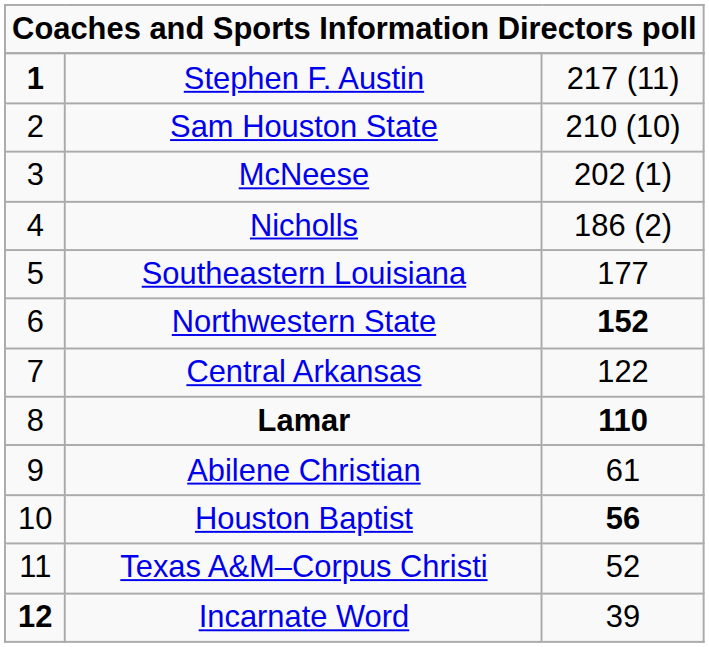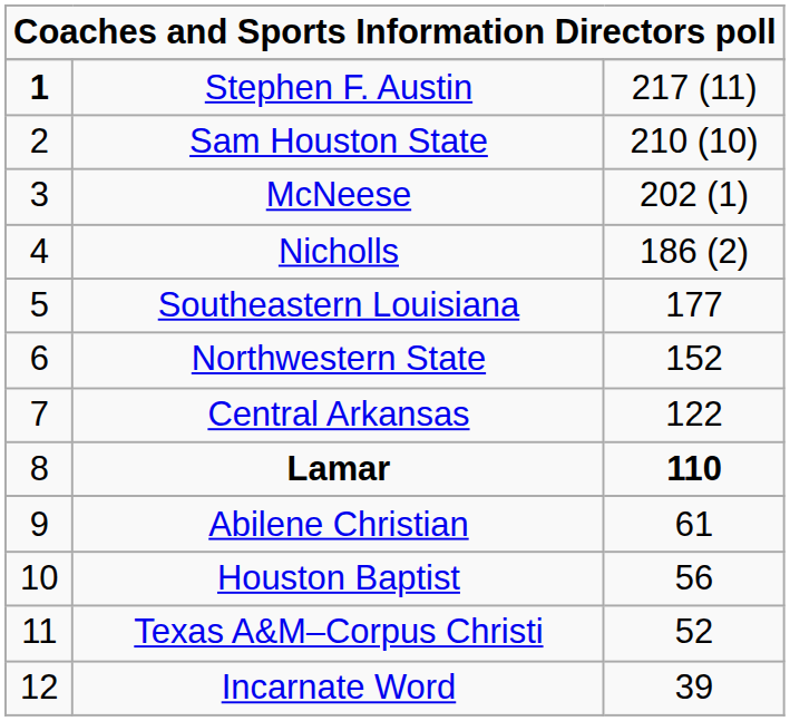 <table class="wikitable">
 <tr align="center">
 <td align="center" Colspan="3"><strong>Coaches and Sports Information Directors poll</strong></td>
 </tr>
 <tr align="center">
 </tr>
 <tr align="center">
 <td><strong>1</strong></td>
 <td><a href='#'>Stephen F. Austin</a></td>
 <td>217 (11)</td>
 </tr>
 <tr align="center">
 <td>2</td>
 <td><a href='#'>Sam Houston State</a></td>
 <td>210 (10)</td>
 </tr>
 <tr align="center">
 <td>3</td>
 <td><a href='#'>McNeese</a></td>
 <td>202 (1)</td>
 </tr>
 <tr align="center">
 <td>4</td>
 <td><a href='#'>Nicholls</a></td>
 <td>186 (2)</td>
 </tr>
 <tr align="center">
 <td>5</td>
 <td><a href='#'>Southeastern Louisiana</a></td>
 <td>177</td>
 </tr>
 <tr align="center">
 <td>6</td>
 <td><a href='#'>Northwestern State</a></td>
-<td><strong>152</strong></td>
+<td>152</td>
 </tr>
 <tr align="center">
 <td>7</td>
 <td><a href='#'>Central Arkansas</a></td>
 <td>122</td>
 </tr>
 <tr align="center">
 <td>8</td>
 <td><strong>Lamar</strong></td>
 <td><strong>110</strong></td>
 </tr>
 <tr align="center">
 <td>9</td>
 <td><a href='#'>Abilene Christian</a></td>
 <td>61</td>
 </tr>
 <tr align="center">
 <td>10</td>
 <td><a href='#'>Houston Baptist</a></td>
-<td><strong>56</strong></td>
+<td>56</td>
 </tr>
 <tr align="center">
 <td>11</td>
 <td><a href='#'>Texas A&M–Corpus Christi</a></td>
 <td>52</td>
 </tr>
 <tr align="center">
-<td><strong>12</strong></td>
+<td>12</td>
 <td><a href='#'>Incarnate Word</a></td>
 <td>39</td>
 </tr>
 </table>
